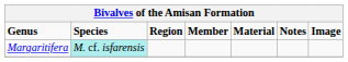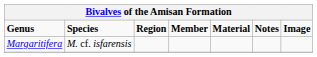 <table class="wikitable">
 <tr>
 <th colspan="7"><a href='#'>Bivalves</a> of the Amisan Formation</th>
 </tr>
 <tr>
 <td><strong>Genus</strong></td>
 <td><strong>Species</strong></td>
 <td><strong>Region</strong></td>
 <td><strong>Member</strong></td>
 <td><strong>Material</strong></td>
 <td><strong>Notes</strong></td>
 <td><strong>Image</strong></td>
 </tr>
 <tr>
 <td><em><a href='#'>Margaritifera</a></em></td>
-<td style="background: paleturquoise;"><em>M.</em> cf. <em>isfarensis</em></td>
+<td><em>M.</em> cf. <em>isfarensis</em></td>
 <td></td>
 <td></td>
 <td></td>
 <td></td>
 <td></td>
 </tr>
 <tr>
 </tr>
 </table>
